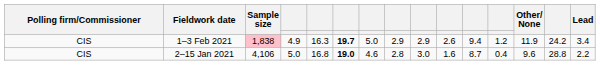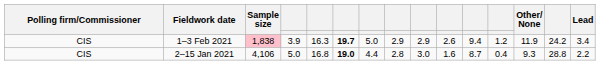 <table class="wikitable collapsible collapsed" style="text-align:center; font-size:90%; line-height:14px;">
 <tr style="height:42px;">
 <th style="width:250px;" rowspan="2">Polling firm/Commissioner</th>
 <th style="width:125px;" rowspan="2">Fieldwork date</th>
 <th style="width:50px;" rowspan="2">Sample size</th>
 <th style="width:35px;"></th>
 <th style="width:35px;"></th>
 <th style="width:35px;"></th>
 <th style="width:35px;"></th>
 <th style="width:35px;"></th>
 <th style="width:35px;"></th>
 <th style="width:35px;"></th>
 <th style="width:35px;"></th>
 <th style="width:35px;"></th>
 <th style="width:35px;" rowspan="2">Other/<br>None</th>
 <th style="width:35px;" rowspan="2"></th>
 <th style="width:30px;" rowspan="2">Lead</th>
 </tr>
 <tr>
 <th style="color:inherit;background:"></th>
 <th style="color:inherit;background:"></th>
 <th style="color:inherit;background:"></th>
 <th style="color:inherit;background:"></th>
 <th style="color:inherit;background:"></th>
 <th style="color:inherit;background:"></th>
 <th style="color:inherit;background:"></th>
 <th style="color:inherit;background:"></th>
 <th style="color:inherit;background:"></th>
 </tr>
 <tr>
 <td>CIS</td>
 <td>1–3 Feb 2021</td>
 <td style="background: pink;">1,838</td>
-<td>4.9</td>
+<td>3.9</td>
 <td>16.3</td>
 <td><strong>19.7</strong></td>
 <td>5.0</td>
 <td>2.9</td>
 <td>2.9</td>
 <td>2.6</td>
 <td>9.4</td>
 <td>1.2</td>
 <td>11.9</td>
 <td>24.2</td>
 <td style="background:">3.4</td>
 </tr>
 <tr>
 <td>CIS</td>
 <td>2–15 Jan 2021</td>
 <td>4,106</td>
 <td>5.0</td>
 <td>16.8</td>
 <td><strong>19.0</strong></td>
-<td>4.6</td>
+<td>4.4</td>
 <td>2.8</td>
 <td>3.0</td>
 <td>1.6</td>
 <td>8.7</td>
 <td>0.4</td>
-<td>9.6</td>
+<td>9.3</td>
 <td>28.8</td>
 <td style="background:">2.2</td>
 </tr>
 </table>
